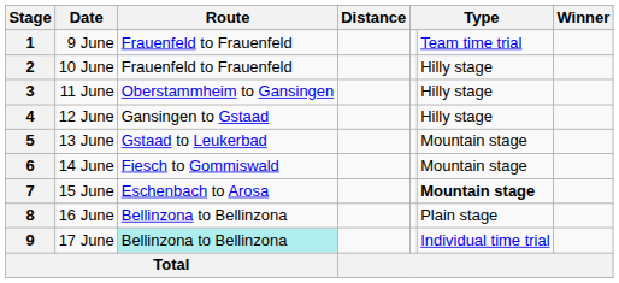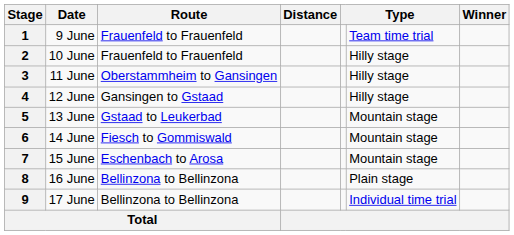 <table class="wikitable">
 <tr>
 <th scope="col">Stage</th>
 <th scope="col">Date</th>
 <th scope="col">Route</th>
 <th scope="col">Distance</th>
 <th scope="col" colspan="2">Type</th>
 <th scope="col">Winner</th>
 </tr>
 <tr>
 <th scope="col">1</th>
 <td style="text-align:right;">9 June</td>
 <td><a href='#'>Frauenfeld</a> to Frauenfeld</td>
 <td></td>
 <td></td>
 <td><a href='#'>Team time trial</a></td>
 <td></td>
 </tr>
 <tr>
 <th scope="col">2</th>
 <td style="text-align:right;">10 June</td>
 <td>Frauenfeld to Frauenfeld</td>
 <td></td>
 <td></td>
 <td>Hilly stage</td>
 <td></td>
 </tr>
 <tr>
 <th scope="col">3</th>
 <td style="text-align:right;">11 June</td>
 <td><a href='#'>Oberstammheim</a> to <a href='#'>Gansingen</a></td>
 <td></td>
 <td></td>
 <td>Hilly stage</td>
 <td></td>
 </tr>
 <tr>
 <th scope="col">4</th>
 <td style="text-align:right;">12 June</td>
 <td>Gansingen to <a href='#'>Gstaad</a></td>
 <td></td>
 <td></td>
 <td>Hilly stage</td>
 <td></td>
 </tr>
 <tr>
 <th scope="col">5</th>
 <td style="text-align:right;">13 June</td>
 <td><a href='#'>Gstaad</a> to <a href='#'>Leukerbad</a></td>
 <td></td>
 <td></td>
 <td>Mountain stage</td>
 <td></td>
 </tr>
 <tr>
 <th scope="col">6</th>
 <td style="text-align:right;">14 June</td>
 <td><a href='#'>Fiesch</a> to <a href='#'>Gommiswald</a></td>
 <td></td>
 <td></td>
 <td>Mountain stage</td>
 <td></td>
 </tr>
 <tr>
 <th scope="col">7</th>
 <td style="text-align:right;">15 June</td>
 <td><a href='#'>Eschenbach</a> to <a href='#'>Arosa</a></td>
 <td></td>
 <td></td>
-<td><strong>Mountain stage</strong></td>
+<td>Mountain stage</td>
 <td></td>
 </tr>
 <tr>
 <th scope="col">8</th>
 <td style="text-align:right;">16 June</td>
 <td><a href='#'>Bellinzona</a> to Bellinzona</td>
 <td></td>
 <td></td>
 <td>Plain stage</td>
 <td></td>
 </tr>
 <tr>
 <th scope="col">9</th>
 <td style="text-align:right;">17 June</td>
-<td style="background: paleturquoise;">Bellinzona to Bellinzona</td>
+<td>Bellinzona to Bellinzona</td>
 <td></td>
 <td></td>
 <td><a href='#'>Individual time trial</a></td>
 <td></td>
 </tr>
 <tr>
 <th colspan=3>Total</th>
 <th colspan=5></th>
 </tr>
 </table>
